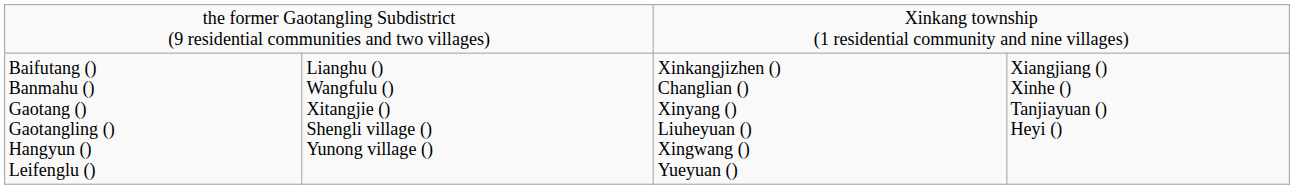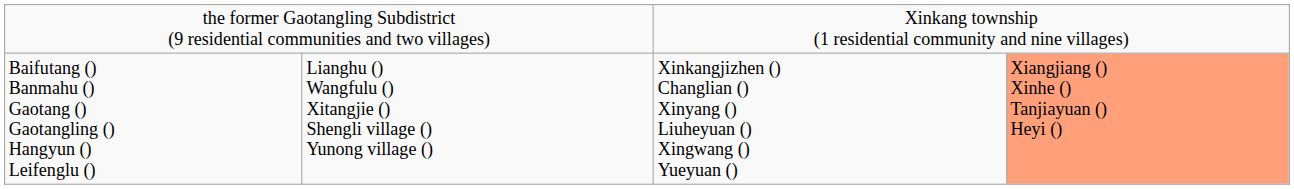 <table class="wikitable" width=90%>
 <tr align=center>
 <td align=center colspan=2>the former Gaotangling Subdistrict <br> (9 residential communities and two villages)</td>
 <td align=center colspan=2>Xinkang township <br>(1 residential community and nine villages)</td>
 </tr>
 <tr align=left valign="top">
 <td>Baifutang ()<br>Banmahu ()<br>Gaotang ()<br>Gaotangling ()<br>Hangyun ()<br>Leifenglu ()</td>
 <td>Lianghu ()<br>Wangfulu ()<br>Xitangjie ()<br>Shengli village ()<br>Yunong village ()</td>
 <td>Xinkangjizhen () <br> Changlian () <br> Xinyang () <br> Liuheyuan () <br> Xingwang () <br> Yueyuan ()</td>
-<td>Xiangjiang ()<br>Xinhe ()<br>Tanjiayuan ()<br>Heyi ()</td>
+<td style="background: lightsalmon;">Xiangjiang ()<br>Xinhe ()<br>Tanjiayuan ()<br>Heyi ()</td>
 </tr>
 </table>
